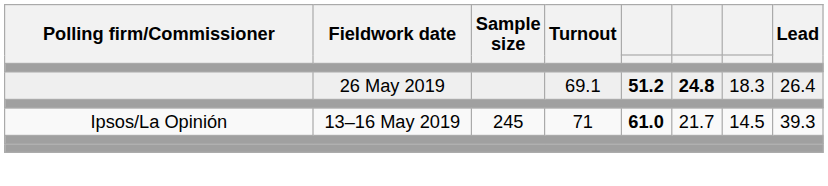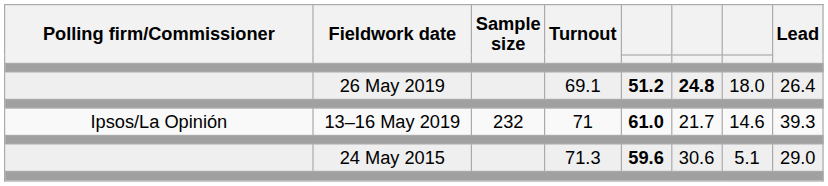 <table class="wikitable collapsible collapsed" style="text-align:center; font-size:95%; line-height:16px;">
 <tr style="height:42px;">
 <th style="width:250px;" rowspan="2">Polling firm/Commissioner</th>
 <th style="width:125px;" rowspan="2">Fieldwork date</th>
 <th style="width:50px;" rowspan="2">Sample size</th>
 <th style="width:45px;" rowspan="2">Turnout</th>
 <th style="width:35px;"></th>
 <th style="width:35px;"></th>
 <th style="width:35px;"></th>
 <th style="width:30px;" rowspan="2">Lead</th>
 </tr>
 <tr>
 <th style="color:inherit;background:"></th>
 <th style="color:inherit;background:"></th>
 <th style="color:inherit;background:"></th>
 </tr>
 <tr>
 <td colspan="8" style="background:#A0A0A0"></td>
 </tr>
 <tr style="background:#EFEFEF;">
 <td><strong></strong></td>
 <td>26 May 2019</td>
 <td></td>
 <td>69.1</td>
 <td><strong>51.2</strong><br></td>
 <td><strong>24.8<br></strong></td>
-<td>18.3<br></td>
+<td>18.0<br></td>
 <td style="background:">26.4</td>
 </tr>
 <tr>
 <td colspan="8" style="background:#A0A0A0"></td>
 </tr>
 <tr>
 <td>Ipsos/La Opinión</td>
 <td>13–16 May 2019</td>
-<td>245</td>
+<td>232</td>
 <td>71</td>
 <td><strong>61.0</strong><br></td>
 <td>21.7<br></td>
-<td>14.5<br></td>
+<td>14.6<br></td>
 <td style="background:">39.3</td>
 </tr>
 <tr>
 <td colspan="8" style="background:#A0A0A0"></td>
 </tr>
+<tr style="background:#EFEFEF;">
+<td><strong></strong></td>
+<td>24 May 2015</td>
+<td></td>
+<td>71.3</td>
+<td><strong>59.6</strong><br></td>
+<td>30.6<br></td>
+<td>5.1<br></td>
+<td style="background:">29.0</td>
+</tr>
 <tr>
 <td colspan="8" style="background:#A0A0A0"></td>
 </tr>
 </table>
